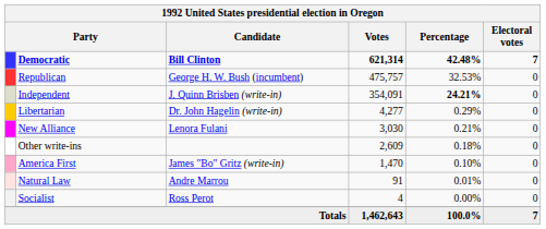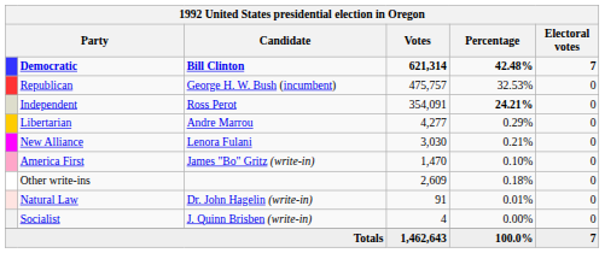 <table class="wikitable" style="font-size: 95%;">
 <tr>
 <th colspan="6">1992 United States presidential election in Oregon</th>
 </tr>
 <tr>
 <th colspan="2" style="width: 15em">Party</th>
 <th style="width: 17em">Candidate</th>
 <th style="width: 5em">Votes</th>
 <th style="width: 7em">Percentage</th>
 <th style="width: 5em">Electoral votes</th>
 </tr>
 <tr>
 <th style="background-color:#3333FF; width: 3px"></th>
 <td style="width: 130px"><strong><a href='#'>Democratic</a></strong></td>
 <td><strong><a href='#'>Bill Clinton</a></strong></td>
 <td align="right"><strong>621,314</strong></td>
 <td align="right"><strong>42.48%</strong></td>
 <td align="right"><strong>7</strong></td>
 </tr>
 <tr>
 <th style="background-color:#FF3333; width: 3px"></th>
 <td style="width: 130px"><a href='#'>Republican</a></td>
 <td><a href='#'>George H. W. Bush</a> (<a href='#'>incumbent</a>)</td>
 <td align="right">475,757</td>
 <td align="right">32.53%</td>
 <td align="right">0</td>
 </tr>
 <tr>
 <th style="background-color:#DDDDCC; width: 3px"></th>
 <td style="width: 130px"><a href='#'>Independent</a></td>
-<td><a href='#'>J. Quinn Brisben</a> <em>(write-in)</em></td>
+<td><a href='#'>Ross Perot</a></td>
 <td align="right">354,091</td>
 <td align="right"><strong>24.21%</strong></td>
 <td align="right">0</td>
 </tr>
 <tr>
 <th style="background-color:#FFCC00; width: 3px"></th>
 <td style="width: 130px"><a href='#'>Libertarian</a></td>
-<td><a href='#'>Dr. John Hagelin</a> <em>(write-in)</em></td>
+<td><a href='#'>Andre Marrou</a></td>
 <td align="right">4,277</td>
 <td align="right">0.29%</td>
 <td align="right">0</td>
 </tr>
 <tr>
 <th style="background-color:#FF00FF; width: 3px"></th>
 <td style="width: 130px"><a href='#'>New Alliance</a></td>
 <td><a href='#'>Lenora Fulani</a></td>
 <td align="right">3,030</td>
 <td align="right">0.21%</td>
 <td align="right">0</td>
 </tr>
 <tr>
+<th style="background-color:#FFA6C9; width: 3px"></th>
+<td style="width: 130px"><a href='#'>America First</a></td>
+<td><a href='#'>James "Bo" Gritz</a> <em>(write-in)</em></td>
+<td align="right">1,470</td>
+<td align="right">0.10%</td>
+<td align="right">0</td>
+</tr>
+<tr>
 <th style="background-color:#FFFFFF; width: 3px"></th>
 <td style="width: 130px">Other write-ins</td>
 <td></td>
 <td align="right">2,609</td>
 <td align="right">0.18%</td>
 <td align="right">0</td>
 </tr>
 <tr>
-<th style="background-color:#FFA6C9; width: 3px"></th>
-<td style="width: 130px"><a href='#'>America First</a></td>
-<td><a href='#'>James "Bo" Gritz</a> <em>(write-in)</em></td>
-<td align="right">1,470</td>
-<td align="right">0.10%</td>
-<td align="right">0</td>
-</tr>
-<tr>
 <th style="background-color:#ffe4e1; width: 3px"></th>
 <td style="width: 130px"><a href='#'>Natural Law</a></td>
-<td><a href='#'>Andre Marrou</a></td>
+<td><a href='#'>Dr. John Hagelin</a> <em>(write-in)</em></td>
 <td align="right">91</td>
 <td align="right">0.01%</td>
 <td align="right">0</td>
 </tr>
 <tr>
 <th style="background-color:"></th>
 <td style="width: 130px"><a href='#'>Socialist</a></td>
-<td><a href='#'>Ross Perot</a></td>
+<td><a href='#'>J. Quinn Brisben</a> <em>(write-in)</em></td>
 <td align="right">4</td>
 <td align="right">0.00%</td>
 <td align="right">0</td>
 </tr>
 <tr>
 </tr>
 <tr bgcolor="#EEEEEE">
 <td colspan="3" align="right"><strong>Totals</strong></td>
 <td align="right"><strong>1,462,643</strong></td>
 <td align="right"><strong>100.0%</strong></td>
 <td align="right"><strong>7</strong></td>
 </tr>
 </table>
